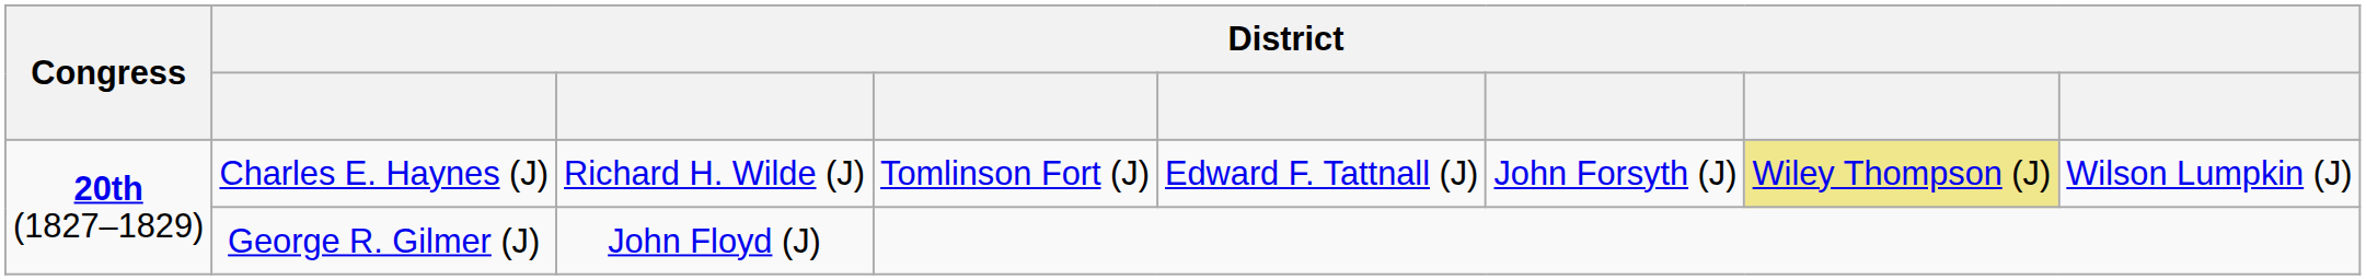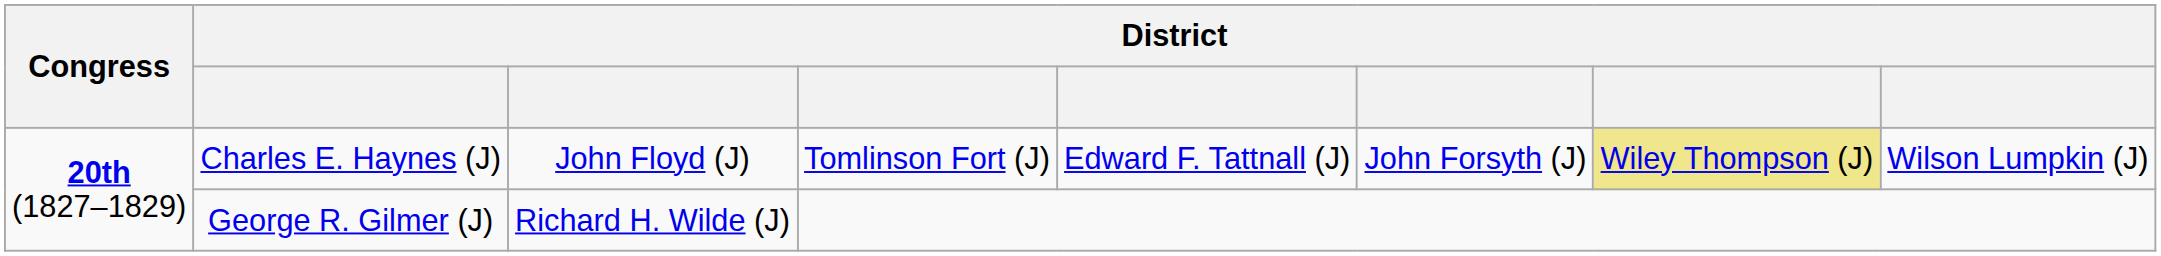 <table class=wikitable style="text-align:center">
 <tr style="height:2em">
 <th rowspan=2>Congress</th>
 <th colspan=7>District</th>
 </tr>
 <tr style="height:2em">
 <th></th>
 <th></th>
 <th></th>
 <th></th>
 <th></th>
 <th></th>
 <th></th>
 </tr>
 <tr style="height:2em">
 <td rowspan=2><strong><a href='#'>20th</a></strong><br>(1827–1829)</td>
 <td><a href='#'>Charles E. Haynes</a> (J)</td>
-<td><a href='#'>Richard H. Wilde</a> (J)</td>
+<td><a href='#'>John Floyd</a> (J)</td>
 <td><a href='#'>Tomlinson Fort</a> (J)</td>
 <td><a href='#'>Edward F. Tattnall</a> (J)</td>
 <td><a href='#'>John Forsyth</a> (J)</td>
 <td style="background: khaki;"><a href='#'>Wiley Thompson</a> (J)</td>
 <td><a href='#'>Wilson Lumpkin</a> (J)</td>
 </tr>
 <tr style="height:2em">
 <td><a href='#'>George R. Gilmer</a> (J)</td>
-<td><a href='#'>John Floyd</a> (J)</td>
+<td><a href='#'>Richard H. Wilde</a> (J)</td>
 </tr>
 </table>
